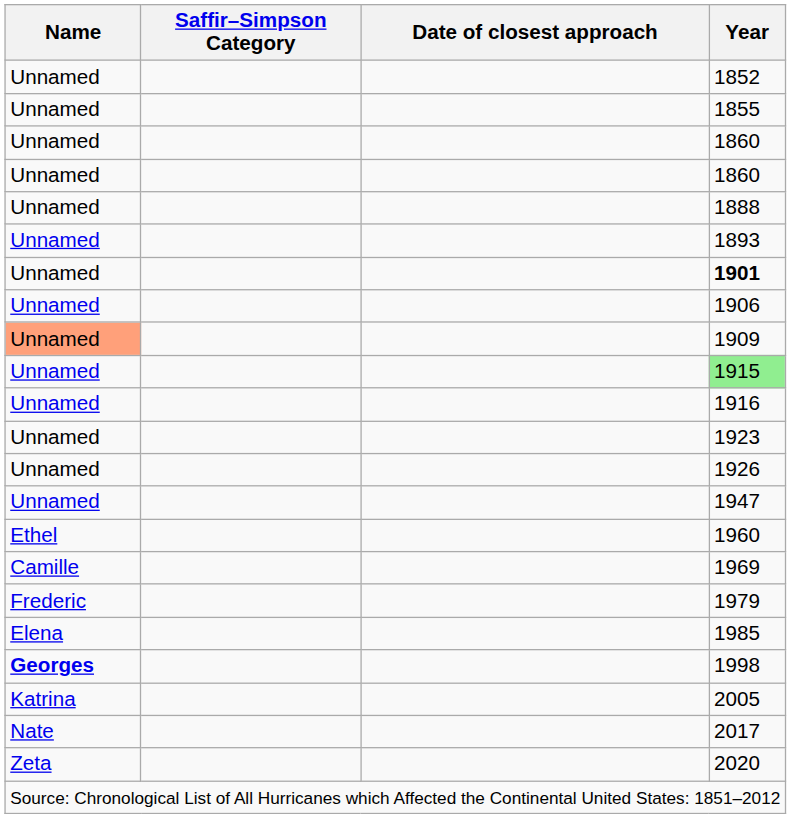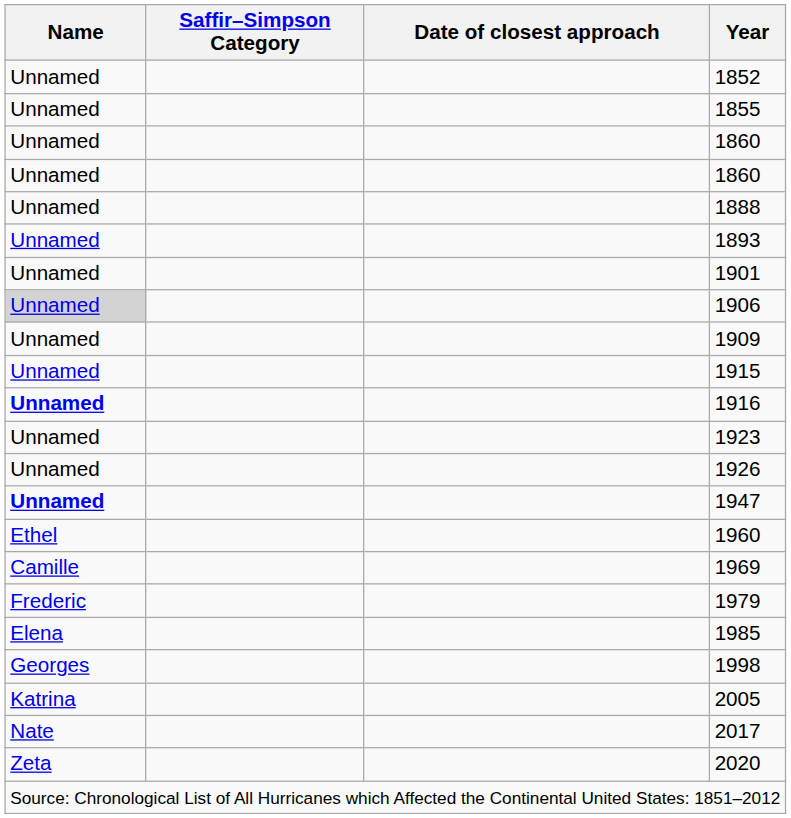 <table class = "wikitable" style="margin:1em auto;">
 <tr>
 <th>Name</th>
 <th><a href='#'>Saffir–Simpson</a><br>Category</th>
 <th>Date of closest approach</th>
 <th>Year</th>
 </tr>
 <tr>
 <td>Unnamed</td>
 <td></td>
 <td></td>
 <td>1852</td>
 </tr>
 <tr>
 <td>Unnamed</td>
 <td></td>
 <td></td>
 <td>1855</td>
 </tr>
 <tr>
 <td>Unnamed</td>
 <td></td>
 <td></td>
 <td>1860</td>
 </tr>
 <tr>
 <td>Unnamed</td>
 <td></td>
 <td></td>
 <td>1860</td>
 </tr>
 <tr>
 <td>Unnamed</td>
 <td></td>
 <td></td>
 <td>1888</td>
 </tr>
 <tr>
 <td><a href='#'>Unnamed</a></td>
 <td></td>
 <td></td>
 <td>1893</td>
 </tr>
 <tr>
 <td>Unnamed</td>
 <td></td>
 <td></td>
-<td><strong>1901</strong></td>
+<td>1901</td>
 </tr>
 <tr>
-<td><a href='#'>Unnamed</a></td>
+<td style="background: lightgrey;"><a href='#'>Unnamed</a></td>
 <td></td>
 <td></td>
 <td>1906</td>
 </tr>
 <tr>
-<td style="background: lightsalmon;">Unnamed</td>
+<td>Unnamed</td>
 <td></td>
 <td></td>
 <td>1909</td>
 </tr>
 <tr>
 <td><a href='#'>Unnamed</a></td>
 <td></td>
 <td></td>
-<td style="background: lightgreen;">1915</td>
+<td>1915</td>
 </tr>
 <tr>
-<td><a href='#'>Unnamed</a></td>
+<td><strong><a href='#'>Unnamed</a></strong></td>
 <td></td>
 <td></td>
 <td>1916</td>
 </tr>
 <tr>
 <td>Unnamed</td>
 <td></td>
 <td></td>
 <td>1923</td>
 </tr>
 <tr>
 <td>Unnamed</td>
 <td></td>
 <td></td>
 <td>1926</td>
 </tr>
 <tr>
-<td><a href='#'>Unnamed</a></td>
+<td><strong><a href='#'>Unnamed</a></strong></td>
 <td></td>
 <td></td>
 <td>1947</td>
 </tr>
 <tr>
 <td><a href='#'>Ethel</a></td>
 <td></td>
 <td></td>
 <td>1960</td>
 </tr>
 <tr>
 <td><a href='#'>Camille</a></td>
 <td></td>
 <td></td>
 <td>1969</td>
 </tr>
 <tr>
 <td><a href='#'>Frederic</a></td>
 <td></td>
 <td></td>
 <td>1979</td>
 </tr>
 <tr>
 <td><a href='#'>Elena</a></td>
 <td></td>
 <td></td>
 <td>1985</td>
 </tr>
 <tr>
-<td><strong><a href='#'>Georges</a></strong></td>
+<td><a href='#'>Georges</a></td>
 <td></td>
 <td></td>
 <td>1998</td>
 </tr>
 <tr>
 <td><a href='#'>Katrina</a></td>
 <td></td>
 <td></td>
 <td>2005</td>
 </tr>
 <tr>
 <td><a href='#'>Nate</a></td>
 <td></td>
 <td></td>
 <td>2017</td>
 </tr>
 <tr>
 <td><a href='#'>Zeta</a></td>
 <td></td>
 <td></td>
 <td>2020</td>
 </tr>
 <tr>
 <td colspan="9"><small>Source: Chronological List of All Hurricanes which Affected the Continental United States: 1851–2012</small></td>
 </tr>
 </table>
